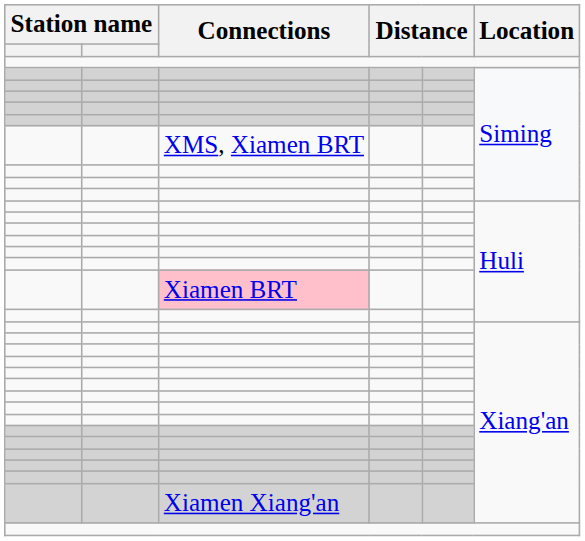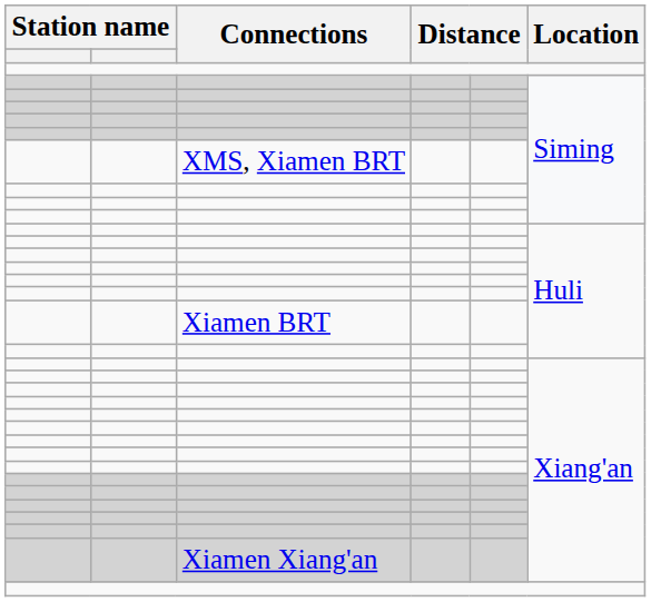 <table class="wikitable">
 <tr>
 <th colspan="2">Station name</th>
 <th rowspan="2">Connections</th>
 <th colspan="2" rowspan="2">Distance<br></th>
 <th rowspan="2">Location</th>
 </tr>
 <tr>
 <th></th>
 <th></th>
 </tr>
 <tr style="background:#">
 <td colspan = "7"></td>
 </tr>
 <tr bgcolor="lightgrey">
 <td></td>
 <td></td>
 <td></td>
 <td></td>
 <td></td>
 <td bgcolor=#F8F9FA rowspan="9"><a href='#'>Siming</a></td>
 </tr>
 <tr bgcolor="lightgrey">
 <td></td>
 <td></td>
 <td></td>
 <td></td>
 <td></td>
 </tr>
 <tr bgcolor="lightgrey">
 <td></td>
 <td></td>
 <td></td>
 <td></td>
 <td></td>
 </tr>
 <tr bgcolor="lightgrey">
 <td></td>
 <td></td>
 <td></td>
 <td></td>
 <td></td>
 </tr>
 <tr bgcolor="lightgrey">
 <td></td>
 <td></td>
 <td></td>
 <td></td>
 <td></td>
 </tr>
 <tr>
 <td></td>
 <td></td>
 <td> <a href='#'>XMS</a>, <a href='#'>Xiamen BRT</a></td>
 <td></td>
 <td></td>
 </tr>
 <tr>
 <td></td>
 <td></td>
 <td></td>
 <td></td>
 <td></td>
 </tr>
 <tr>
 <td></td>
 <td></td>
 <td></td>
 <td></td>
 <td></td>
 </tr>
 <tr>
 <td></td>
 <td></td>
 <td></td>
 <td></td>
 <td></td>
 </tr>
 <tr>
 <td></td>
 <td></td>
 <td></td>
 <td></td>
 <td></td>
 <td rowspan="8"><a href='#'>Huli</a></td>
 </tr>
 <tr>
 <td></td>
 <td></td>
 <td></td>
 <td></td>
 <td></td>
 </tr>
 <tr>
 <td></td>
 <td></td>
 <td></td>
 <td></td>
 <td></td>
 </tr>
 <tr>
 <td></td>
 <td></td>
 <td></td>
 <td></td>
 <td></td>
 </tr>
 <tr>
 <td></td>
 <td></td>
 <td></td>
 <td></td>
 <td></td>
 </tr>
 <tr>
 <td></td>
 <td></td>
 <td></td>
 <td></td>
 <td></td>
 </tr>
 <tr>
 <td></td>
 <td></td>
-<td style="background: pink;"><a href='#'>Xiamen BRT</a></td>
+<td><a href='#'>Xiamen BRT</a></td>
 <td></td>
 <td></td>
 </tr>
 <tr>
 <td></td>
 <td></td>
 <td></td>
 <td></td>
 <td></td>
 </tr>
 <tr>
 <td></td>
 <td></td>
 <td></td>
 <td></td>
 <td></td>
 <td rowspan="15"><a href='#'>Xiang'an</a></td>
 </tr>
 <tr>
 <td></td>
 <td></td>
 <td></td>
 <td></td>
 <td></td>
 </tr>
 <tr>
 <td></td>
 <td></td>
 <td></td>
 <td></td>
 <td></td>
 </tr>
 <tr>
 <td></td>
 <td></td>
 <td></td>
 <td></td>
 <td></td>
 </tr>
 <tr>
 <td></td>
 <td></td>
 <td></td>
 <td></td>
 <td></td>
 </tr>
 <tr>
 <td></td>
 <td></td>
 <td></td>
 <td></td>
 <td></td>
 </tr>
 <tr>
 <td></td>
 <td></td>
 <td></td>
 <td></td>
 <td></td>
 </tr>
 <tr>
 <td></td>
 <td></td>
 <td></td>
 <td></td>
 <td></td>
 </tr>
 <tr>
 <td></td>
 <td></td>
 <td></td>
 <td></td>
 <td></td>
 </tr>
 <tr bgcolor="lightgrey">
 <td></td>
 <td></td>
 <td></td>
 <td></td>
 <td></td>
 </tr>
 <tr bgcolor="lightgrey">
 <td></td>
 <td></td>
 <td></td>
 <td></td>
 <td></td>
 </tr>
 <tr bgcolor="lightgrey">
 <td></td>
 <td></td>
 <td></td>
 <td></td>
 <td></td>
 </tr>
 <tr bgcolor="lightgrey">
 <td></td>
 <td></td>
 <td></td>
 <td></td>
 <td></td>
 </tr>
 <tr bgcolor="lightgrey">
 <td></td>
 <td></td>
 <td></td>
 <td></td>
 <td></td>
 </tr>
 <tr bgcolor="lightgrey">
 <td></td>
 <td></td>
 <td>  <a href='#'>Xiamen Xiang'an</a></td>
 <td></td>
 <td></td>
 </tr>
 <tr style="background:#">
 <td colspan = "7"></td>
 </tr>
 </table>
